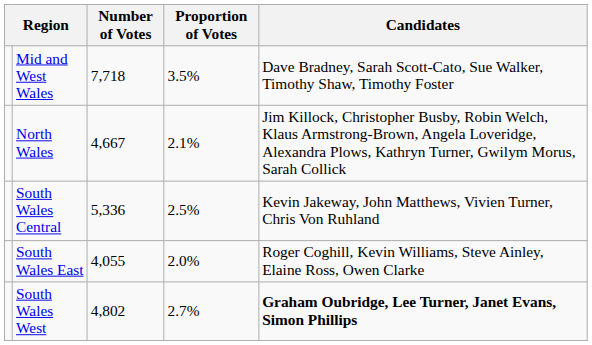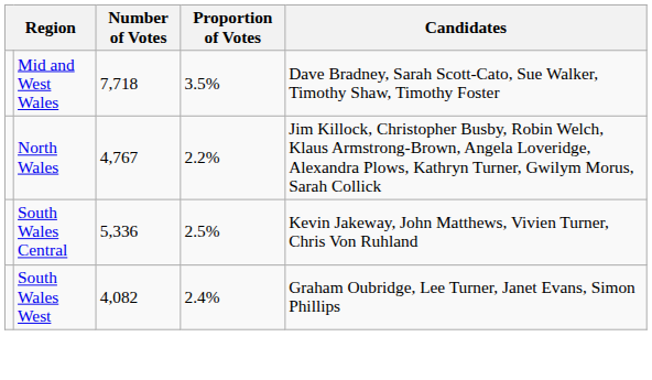 <table class="wikitable">
 <tr>
 <th colspan="2">Region</th>
 <th>Number of Votes</th>
 <th>Proportion of Votes</th>
 <th>Candidates</th>
 </tr>
 <tr>
 <td width="1" style="color:inherit;background:"></td>
 <td><a href='#'>Mid and West Wales</a></td>
 <td>7,718</td>
 <td>3.5%</td>
 <td>Dave Bradney, Sarah Scott-Cato, Sue Walker, Timothy Shaw, Timothy Foster</td>
 </tr>
 <tr>
 <td style="color:inherit;background:"></td>
 <td><a href='#'>North Wales</a></td>
-<td>4,667</td>
-<td>2.1%</td>
+<td>4,767</td>
+<td>2.2%</td>
 <td>Jim Killock, Christopher Busby, Robin Welch, Klaus Armstrong-Brown, Angela Loveridge, Alexandra Plows, Kathryn Turner, Gwilym Morus, Sarah Collick</td>
 </tr>
 <tr>
 <td style="color:inherit;background:"></td>
 <td><a href='#'>South Wales Central</a></td>
 <td>5,336</td>
 <td>2.5%</td>
 <td>Kevin Jakeway, John Matthews, Vivien Turner, Chris Von Ruhland</td>
 </tr>
 <tr>
 <td style="color:inherit;background:"></td>
-<td><a href='#'>South Wales East</a></td>
-<td>4,055</td>
-<td>2.0%</td>
-<td>Roger Coghill, Kevin Williams, Steve Ainley, Elaine Ross, Owen Clarke</td>
-</tr>
-<tr>
-<td style="color:inherit;background:"></td>
 <td><a href='#'>South Wales West</a></td>
-<td>4,802</td>
-<td>2.7%</td>
-<td><strong>Graham Oubridge, Lee Turner, Janet Evans, Simon Phillips</strong></td>
+<td>4,082</td>
+<td>2.4%</td>
+<td>Graham Oubridge, Lee Turner, Janet Evans, Simon Phillips</td>
 </tr>
 </table>
